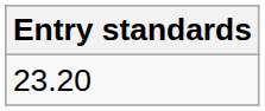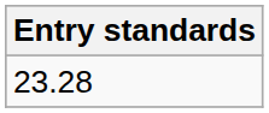 <table class="wikitable" border="1" align="upright">
 <tr>
 <th>Entry standards</th>
 </tr>
 <tr>
-<td>23.20</td>
+<td>23.28</td>
 </tr>
 </table>
